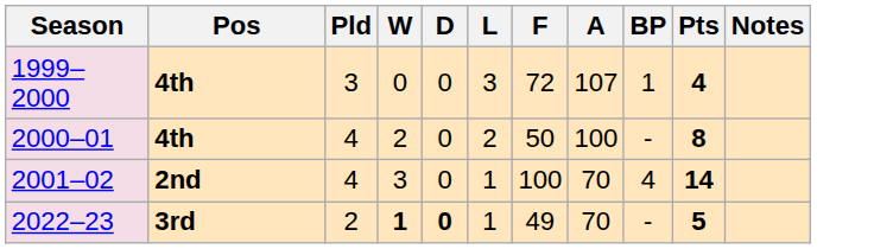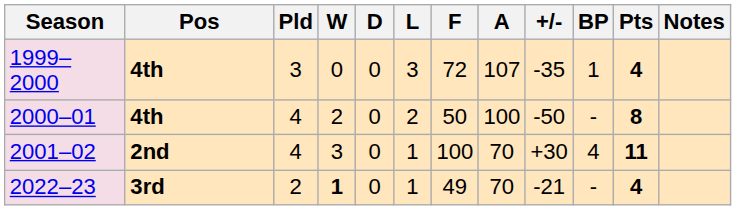 <table class="wikitable">
 <tr border=1 cellpadding=5 cellspacing=0>
 <th style="width:80px;">Season</th>
 <th style="width:100px;">Pos</th>
 <th style="width:20px;">Pld</th>
 <th style="width:20px;">W</th>
 <th style="width:20px;">D</th>
 <th style="width:20px;">L</th>
 <th style="width:20px;">F</th>
 <th style="width:20px;">A</th>
+<th style="width:25px;">+/-</th>
 <th style="width:20px;">BP</th>
 <th style="width:20px;">Pts</th>
 <th>Notes<br></th>
 </tr>
 <tr align=center>
 <td style="text-align:left; background:#F4DDE7;"><a href='#'>1999–2000</a></td>
 <td style="text-align:left; background:#ffe6bd;"><strong>4th</strong></td>
 <td style="background:#ffe6bd;">3</td>
 <td style="background:#ffe6bd;">0</td>
 <td style="background:#ffe6bd;">0</td>
 <td style="background:#ffe6bd;">3</td>
 <td style="background:#ffe6bd;">72</td>
 <td style="background:#ffe6bd;">107</td>
+<td style="background:#ffe6bd;">-35</td>
 <td style="background:#ffe6bd;">1</td>
 <td style="background:#ffe6bd;"><strong>4</strong></td>
 <td style="background:#ffe6bd;"><br> </td>
 </tr>
 <tr align=center>
 <td style="text-align:left; background:#F4DDE7;"><a href='#'>2000–01</a></td>
 <td style="text-align:left; background:#ffe6bd;"><strong>4th</strong></td>
 <td style="background:#ffe6bd;">4</td>
 <td style="background:#ffe6bd;">2</td>
 <td style="background:#ffe6bd;">0</td>
 <td style="background:#ffe6bd;">2</td>
 <td style="background:#ffe6bd;">50</td>
 <td style="background:#ffe6bd;">100</td>
+<td style="background:#ffe6bd;">-50</td>
 <td style="background:#ffe6bd;">-</td>
 <td style="background:#ffe6bd;"><strong>8</strong></td>
 <td style="background:#ffe6bd;"><br> </td>
 </tr>
 <tr align=center>
 <td style="text-align:left; background:#F4DDE7;"><a href='#'>2001–02</a></td>
 <td style="text-align:left; background:#ffe6bd;"><strong>2nd</strong></td>
 <td style="background:#ffe6bd;">4</td>
 <td style="background:#ffe6bd;">3</td>
 <td style="background:#ffe6bd;">0</td>
 <td style="background:#ffe6bd;">1</td>
 <td style="background:#ffe6bd;">100</td>
 <td style="background:#ffe6bd;">70</td>
+<td style="background:#ffe6bd;">+30</td>
 <td style="background:#ffe6bd;">4</td>
-<td style="background:#ffe6bd;"><strong>14</strong></td>
+<td style="background:#ffe6bd;"><strong>11</strong></td>
 <td style="background:#ffe6bd;"><br> </td>
 </tr>
 <tr align=center>
 <td style="text-align:left; background:#F4DDE7;"><a href='#'>2022–23</a></td>
 <td style="text-align:left; background:#ffe6bd;"><strong>3rd</strong></td>
 <td style="background:#ffe6bd;">2</td>
 <td style="background:#ffe6bd;"><strong>1</strong></td>
-<td style="background:#ffe6bd;"><strong>0</strong></td>
+<td style="background:#ffe6bd;">0</td>
 <td style="background:#ffe6bd;">1</td>
 <td style="background:#ffe6bd;">49</td>
 <td style="background:#ffe6bd;">70</td>
+<td style="background:#ffe6bd;">-21</td>
 <td style="background:#ffe6bd;">-</td>
-<td style="background:#ffe6bd;"><strong>5</strong></td>
+<td style="background:#ffe6bd;"><strong>4</strong></td>
 <td style="background:#ffe6bd;"><br></td>
 </tr>
 </table>
